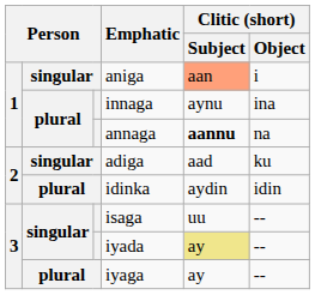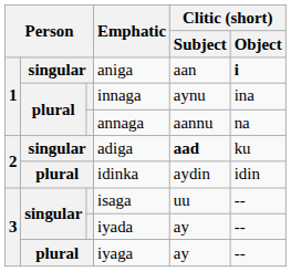 <table class="wikitable floatright">
 <tr>
 <th rowspan="2" colspan="3">Person</th>
 <th rowspan="2">Emphatic</th>
 <th colspan="2">Clitic (short)</th>
 </tr>
 <tr>
 <th>Subject</th>
 <th>Object</th>
 </tr>
 <tr>
 <th rowspan="3">1</th>
 <th colspan="2">singular</th>
 <td>aniga</td>
-<td style="background: lightsalmon;">aan</td>
-<td>i</td>
+<td>aan</td>
+<td><strong>i</strong></td>
 </tr>
 <tr>
 <th rowspan="2">plural</th>
 <th></th>
 <td>innaga</td>
 <td>aynu</td>
 <td>ina</td>
 </tr>
 <tr>
 <th></th>
 <td>annaga</td>
-<td><strong>aannu</strong></td>
+<td>aannu</td>
 <td>na</td>
 </tr>
 <tr>
 <th rowspan="2">2</th>
 <th colspan="2">singular</th>
 <td>adiga</td>
-<td>aad</td>
+<td><strong>aad</strong></td>
 <td>ku</td>
 </tr>
 <tr>
 <th colspan="2">plural</th>
 <td>idinka</td>
 <td>aydin</td>
 <td>idin</td>
 </tr>
 <tr>
 <th rowspan="3">3</th>
 <th rowspan="2">singular</th>
 <th></th>
 <td>isaga</td>
 <td>uu</td>
 <td>--</td>
 </tr>
 <tr>
 <th></th>
 <td>iyada</td>
-<td style="background: khaki;">ay</td>
+<td>ay</td>
 <td>--</td>
 </tr>
 <tr>
 <th colspan="2">plural</th>
 <td>iyaga</td>
 <td>ay</td>
 <td>--</td>
 </tr>
 </table>
